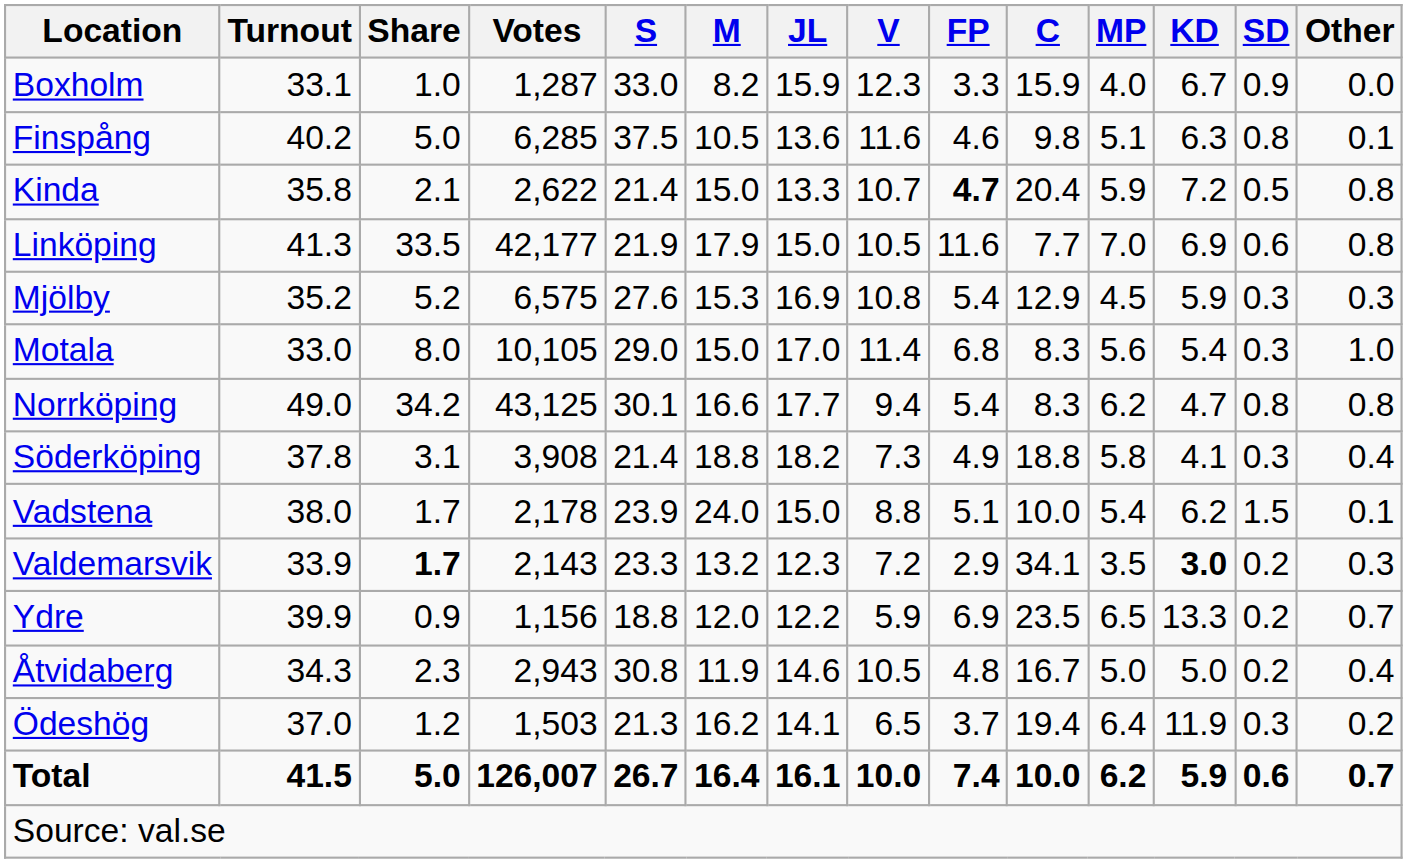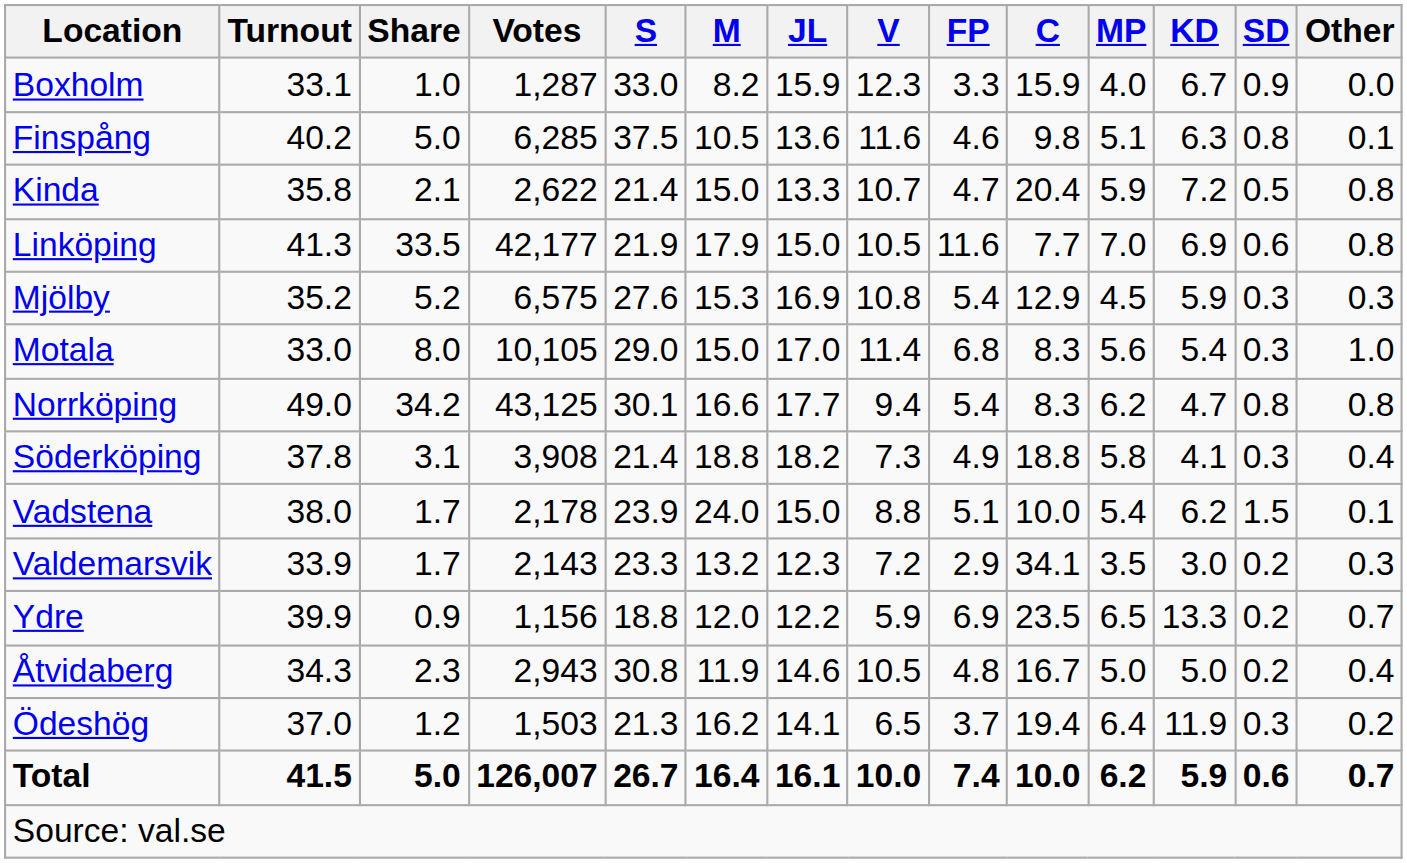 <table class="wikitable sortable" style=text-align:right>
 <tr>
 <th>Location</th>
 <th>Turnout</th>
 <th>Share</th>
 <th>Votes</th>
 <th><a href='#'>S</a></th>
 <th><a href='#'>M</a></th>
 <th><a href='#'>JL</a></th>
 <th><a href='#'>V</a></th>
 <th><a href='#'>FP</a></th>
 <th><a href='#'>C</a></th>
 <th><a href='#'>MP</a></th>
 <th><a href='#'>KD</a></th>
 <th><a href='#'>SD</a></th>
 <th>Other</th>
 </tr>
 <tr>
 <td align=left><a href='#'>Boxholm</a></td>
 <td>33.1</td>
 <td>1.0</td>
 <td>1,287</td>
 <td>33.0</td>
 <td>8.2</td>
 <td>15.9</td>
 <td>12.3</td>
 <td>3.3</td>
 <td>15.9</td>
 <td>4.0</td>
 <td>6.7</td>
 <td>0.9</td>
 <td>0.0</td>
 </tr>
 <tr>
 <td align=left><a href='#'>Finspång</a></td>
 <td>40.2</td>
 <td>5.0</td>
 <td>6,285</td>
 <td>37.5</td>
 <td>10.5</td>
 <td>13.6</td>
 <td>11.6</td>
 <td>4.6</td>
 <td>9.8</td>
 <td>5.1</td>
 <td>6.3</td>
 <td>0.8</td>
 <td>0.1</td>
 </tr>
 <tr>
 <td align=left><a href='#'>Kinda</a></td>
 <td>35.8</td>
 <td>2.1</td>
 <td>2,622</td>
 <td>21.4</td>
 <td>15.0</td>
 <td>13.3</td>
 <td>10.7</td>
-<td><strong>4.7</strong></td>
+<td>4.7</td>
 <td>20.4</td>
 <td>5.9</td>
 <td>7.2</td>
 <td>0.5</td>
 <td>0.8</td>
 </tr>
 <tr>
 <td align=left><a href='#'>Linköping</a></td>
 <td>41.3</td>
 <td>33.5</td>
 <td>42,177</td>
 <td>21.9</td>
 <td>17.9</td>
 <td>15.0</td>
 <td>10.5</td>
 <td>11.6</td>
 <td>7.7</td>
 <td>7.0</td>
 <td>6.9</td>
 <td>0.6</td>
 <td>0.8</td>
 </tr>
 <tr>
 <td align=left><a href='#'>Mjölby</a></td>
 <td>35.2</td>
 <td>5.2</td>
 <td>6,575</td>
 <td>27.6</td>
 <td>15.3</td>
 <td>16.9</td>
 <td>10.8</td>
 <td>5.4</td>
 <td>12.9</td>
 <td>4.5</td>
 <td>5.9</td>
 <td>0.3</td>
 <td>0.3</td>
 </tr>
 <tr>
 <td align=left><a href='#'>Motala</a></td>
 <td>33.0</td>
 <td>8.0</td>
 <td>10,105</td>
 <td>29.0</td>
 <td>15.0</td>
 <td>17.0</td>
 <td>11.4</td>
 <td>6.8</td>
 <td>8.3</td>
 <td>5.6</td>
 <td>5.4</td>
 <td>0.3</td>
 <td>1.0</td>
 </tr>
 <tr>
 <td align=left><a href='#'>Norrköping</a></td>
 <td>49.0</td>
 <td>34.2</td>
 <td>43,125</td>
 <td>30.1</td>
 <td>16.6</td>
 <td>17.7</td>
 <td>9.4</td>
 <td>5.4</td>
 <td>8.3</td>
 <td>6.2</td>
 <td>4.7</td>
 <td>0.8</td>
 <td>0.8</td>
 </tr>
 <tr>
 <td align=left><a href='#'>Söderköping</a></td>
 <td>37.8</td>
 <td>3.1</td>
 <td>3,908</td>
 <td>21.4</td>
 <td>18.8</td>
 <td>18.2</td>
 <td>7.3</td>
 <td>4.9</td>
 <td>18.8</td>
 <td>5.8</td>
 <td>4.1</td>
 <td>0.3</td>
 <td>0.4</td>
 </tr>
 <tr>
 <td align=left><a href='#'>Vadstena</a></td>
 <td>38.0</td>
 <td>1.7</td>
 <td>2,178</td>
 <td>23.9</td>
 <td>24.0</td>
 <td>15.0</td>
 <td>8.8</td>
 <td>5.1</td>
 <td>10.0</td>
 <td>5.4</td>
 <td>6.2</td>
 <td>1.5</td>
 <td>0.1</td>
 </tr>
 <tr>
 <td align=left><a href='#'>Valdemarsvik</a></td>
 <td>33.9</td>
-<td><strong>1.7</strong></td>
+<td>1.7</td>
 <td>2,143</td>
 <td>23.3</td>
 <td>13.2</td>
 <td>12.3</td>
 <td>7.2</td>
 <td>2.9</td>
 <td>34.1</td>
 <td>3.5</td>
-<td><strong>3.0</strong></td>
+<td>3.0</td>
 <td>0.2</td>
 <td>0.3</td>
 </tr>
 <tr>
 <td align=left><a href='#'>Ydre</a></td>
 <td>39.9</td>
 <td>0.9</td>
 <td>1,156</td>
 <td>18.8</td>
 <td>12.0</td>
 <td>12.2</td>
 <td>5.9</td>
 <td>6.9</td>
 <td>23.5</td>
 <td>6.5</td>
 <td>13.3</td>
 <td>0.2</td>
 <td>0.7</td>
 </tr>
 <tr>
 <td align=left><a href='#'>Åtvidaberg</a></td>
 <td>34.3</td>
 <td>2.3</td>
 <td>2,943</td>
 <td>30.8</td>
 <td>11.9</td>
 <td>14.6</td>
 <td>10.5</td>
 <td>4.8</td>
 <td>16.7</td>
 <td>5.0</td>
 <td>5.0</td>
 <td>0.2</td>
 <td>0.4</td>
 </tr>
 <tr>
 <td align=left><a href='#'>Ödeshög</a></td>
 <td>37.0</td>
 <td>1.2</td>
 <td>1,503</td>
 <td>21.3</td>
 <td>16.2</td>
 <td>14.1</td>
 <td>6.5</td>
 <td>3.7</td>
 <td>19.4</td>
 <td>6.4</td>
 <td>11.9</td>
 <td>0.3</td>
 <td>0.2</td>
 </tr>
 <tr>
 <td align=left><strong>Total</strong></td>
 <td><strong>41.5</strong></td>
 <td><strong>5.0</strong></td>
 <td><strong>126,007</strong></td>
 <td><strong>26.7</strong></td>
 <td><strong>16.4</strong></td>
 <td><strong>16.1</strong></td>
 <td><strong>10.0</strong></td>
 <td><strong>7.4</strong></td>
 <td><strong>10.0</strong></td>
 <td><strong>6.2</strong></td>
 <td><strong>5.9</strong></td>
 <td><strong>0.6</strong></td>
 <td><strong>0.7</strong></td>
 </tr>
 <tr>
 <td align=left colspan=14>Source: val.se </td>
 </tr>
 </table>
